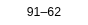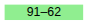 <table style="text-align:center">
 <tr>
 <th width=200></th>
 <th width=100></th>
 <th width=200></th>
 </tr>
 <tr>
 <td align=right><strong></strong></td>
-<td align=center>91–62</td>
+<td align=center style="background: lightgreen;">91–62</td>
 <td align=left></td>
 </tr>
 </table>
